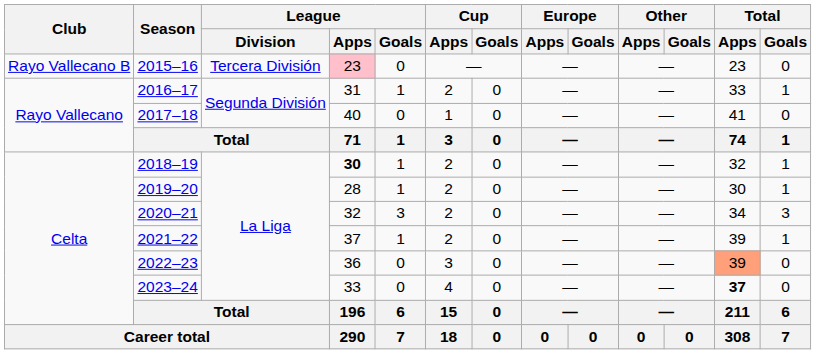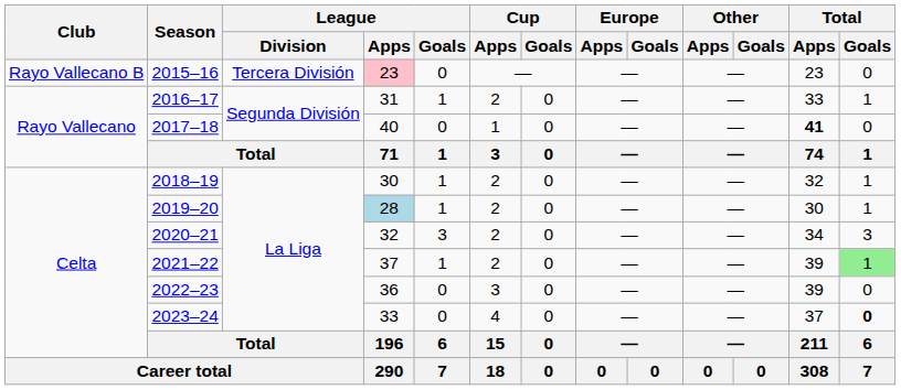 <table class="wikitable" style="text-align:center">
 <tr>
 <th rowspan="2">Club</th>
 <th rowspan="2">Season</th>
 <th colspan="3">League</th>
 <th colspan="2">Cup</th>
 <th colspan="2">Europe</th>
 <th colspan="2">Other</th>
 <th colspan="2">Total</th>
 </tr>
 <tr>
 <th>Division</th>
 <th>Apps</th>
 <th>Goals</th>
 <th>Apps</th>
 <th>Goals</th>
 <th>Apps</th>
 <th>Goals</th>
 <th>Apps</th>
 <th>Goals</th>
 <th>Apps</th>
 <th>Goals</th>
 </tr>
 <tr>
 <td><a href='#'>Rayo Vallecano B</a></td>
 <td><a href='#'>2015–16</a></td>
 <td><a href='#'>Tercera División</a></td>
 <td style="background: pink;">23</td>
 <td>0</td>
 <td colspan="2">—</td>
 <td colspan="2">—</td>
 <td colspan="2">—</td>
 <td>23</td>
 <td>0</td>
 </tr>
 <tr>
 <td rowspan="3"><a href='#'>Rayo Vallecano</a></td>
 <td><a href='#'>2016–17</a></td>
 <td rowspan="2"><a href='#'>Segunda División</a></td>
 <td>31</td>
 <td>1</td>
 <td>2</td>
 <td>0</td>
 <td colspan="2">—</td>
 <td colspan="2">—</td>
 <td>33</td>
 <td>1</td>
 </tr>
 <tr>
 <td><a href='#'>2017–18</a></td>
 <td>40</td>
 <td>0</td>
 <td>1</td>
 <td>0</td>
 <td colspan="2">—</td>
 <td colspan="2">—</td>
-<td>41</td>
+<td><strong>41</strong></td>
 <td>0</td>
 </tr>
 <tr>
 <th colspan="2">Total</th>
 <th>71</th>
 <th>1</th>
 <th>3</th>
 <th>0</th>
 <th colspan="2">—</th>
 <th colspan="2">—</th>
 <th>74</th>
 <th>1</th>
 </tr>
 <tr>
 <td rowspan="7"><a href='#'>Celta</a></td>
 <td><a href='#'>2018–19</a></td>
 <td rowspan="6"><a href='#'>La Liga</a></td>
-<td><strong>30</strong></td>
+<td>30</td>
 <td>1</td>
 <td>2</td>
 <td>0</td>
 <td colspan="2">—</td>
 <td colspan="2">—</td>
 <td>32</td>
 <td>1</td>
 </tr>
 <tr>
 <td><a href='#'>2019–20</a></td>
-<td>28</td>
+<td style="background: lightblue;">28</td>
 <td>1</td>
 <td>2</td>
 <td>0</td>
 <td colspan="2">—</td>
 <td colspan="2">—</td>
 <td>30</td>
 <td>1</td>
 </tr>
 <tr>
 <td><a href='#'>2020–21</a></td>
 <td>32</td>
 <td>3</td>
 <td>2</td>
 <td>0</td>
 <td colspan="2">—</td>
 <td colspan="2">—</td>
 <td>34</td>
 <td>3</td>
 </tr>
 <tr>
 <td><a href='#'>2021–22</a></td>
 <td>37</td>
 <td>1</td>
 <td>2</td>
 <td>0</td>
 <td colspan="2">—</td>
 <td colspan="2">—</td>
 <td>39</td>
-<td>1</td>
+<td style="background: lightgreen;">1</td>
 </tr>
 <tr>
 <td><a href='#'>2022–23</a></td>
 <td>36</td>
 <td>0</td>
 <td>3</td>
 <td>0</td>
 <td colspan="2">—</td>
 <td colspan="2">—</td>
-<td style="background: lightsalmon;">39</td>
+<td>39</td>
 <td>0</td>
 </tr>
 <tr>
 <td><a href='#'>2023–24</a></td>
 <td>33</td>
 <td>0</td>
 <td>4</td>
 <td>0</td>
 <td colspan="2">—</td>
 <td colspan="2">—</td>
-<td><strong>37</strong></td>
-<td>0</td>
+<td>37</td>
+<td><strong>0</strong></td>
 </tr>
 <tr>
 <th colspan="2">Total</th>
 <th>196</th>
 <th>6</th>
 <th>15</th>
 <th>0</th>
 <th colspan="2">—</th>
 <th colspan="2">—</th>
 <th>211</th>
 <th>6</th>
 </tr>
 <tr>
 <th colspan="3">Career total</th>
 <th>290</th>
 <th>7</th>
 <th>18</th>
 <th>0</th>
 <th>0</th>
 <th>0</th>
 <th>0</th>
 <th>0</th>
 <th>308</th>
 <th>7</th>
 </tr>
 </table>
